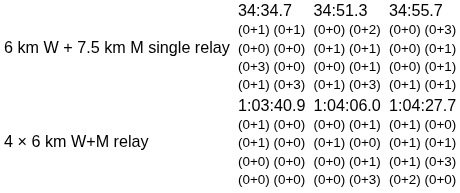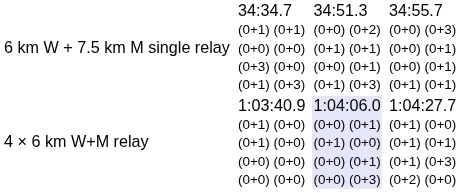 <table>
 <tr>
 <td>6 km W + 7.5 km M single relay<br><em></em></td>
 <td></td>
 <td>34:34.7<br><small>(0+1) (0+1)<br>(0+0) (0+0)<br>(0+3) (0+0)<br>(0+1) (0+3)</small></td>
 <td></td>
 <td>34:51.3<br><small>(0+0) (0+2)<br>(0+1) (0+1)<br>(0+0) (0+1)<br>(0+1) (0+3)</small></td>
 <td></td>
 <td>34:55.7<br><small>(0+0) (0+3)<br>(0+0) (0+1)<br>(0+0) (0+1)<br>(0+1) (0+1)</small></td>
 </tr>
 <tr>
 <td>4 × 6 km W+M relay<br><em></em></td>
 <td></td>
 <td>1:03:40.9<br><small>(0+1) (0+0)<br>(0+1) (0+0)<br>(0+0) (0+0)<br>(0+0) (0+0)</small></td>
 <td></td>
-<td>1:04:06.0<br><small>(0+0) (0+1)<br>(0+1) (0+0)<br>(0+0) (0+1)<br>(0+0) (0+3)</small></td>
+<td style="background: lavender;">1:04:06.0<br><small>(0+0) (0+1)<br>(0+1) (0+0)<br>(0+0) (0+1)<br>(0+0) (0+3)</small></td>
 <td></td>
 <td>1:04:27.7<br><small>(0+1) (0+0)<br>(0+1) (0+1)<br>(0+1) (0+3)<br>(0+2) (0+0)</small></td>
 </tr>
 </table>
